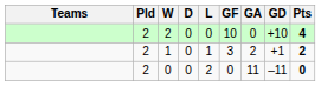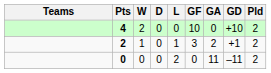 <table class="wikitable" style="text-align: center;">
 <tr>
 <th width=165>Teams</th>
-<th width=20>Pld</th>
+<th width=20>Pts</th>
 <th width=20>W</th>
 <th width=20>D</th>
 <th width=20>L</th>
 <th width=20>GF</th>
 <th width=20>GA</th>
 <th width=20>GD</th>
-<th width=20>Pts</th>
+<th width=20>Pld</th>
 </tr>
 <tr align=center style="background:#ccffcc;">
 <td style="text-align:left;"></td>
-<td>2</td>
+<td><strong>4</strong></td>
 <td>2</td>
 <td>0</td>
 <td>0</td>
 <td>10</td>
 <td>0</td>
 <td>+10</td>
-<td><strong>4</strong></td>
+<td>2</td>
 </tr>
 <tr align=center>
 <td style="text-align:left;"></td>
-<td>2</td>
+<td><strong>2</strong></td>
 <td>1</td>
 <td>0</td>
 <td>1</td>
 <td>3</td>
 <td>2</td>
 <td>+1</td>
-<td><strong>2</strong></td>
+<td>2</td>
 </tr>
 <tr align=center>
 <td style="text-align:left;"></td>
-<td>2</td>
+<td><strong>0</strong></td>
 <td>0</td>
 <td>0</td>
 <td>2</td>
 <td>0</td>
 <td>11</td>
 <td>–11</td>
-<td><strong>0</strong></td>
+<td>2</td>
 </tr>
 </table>
